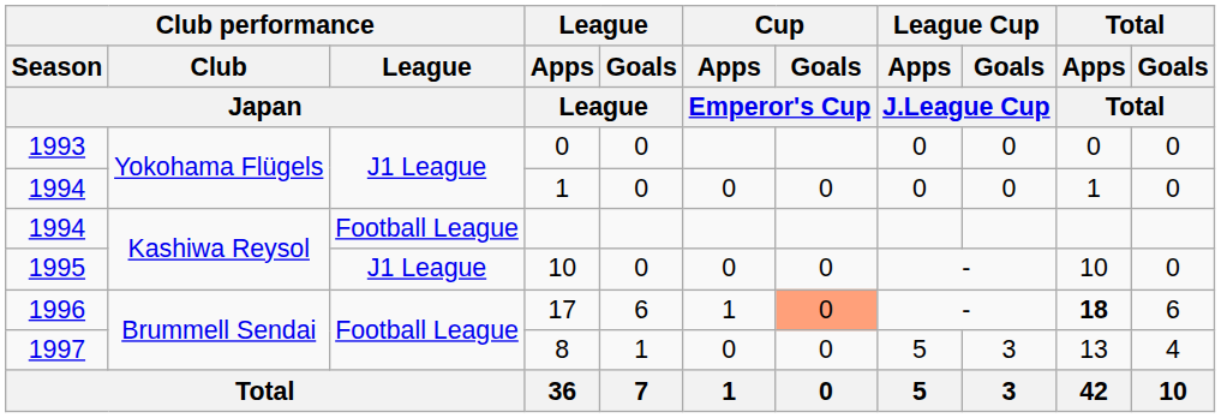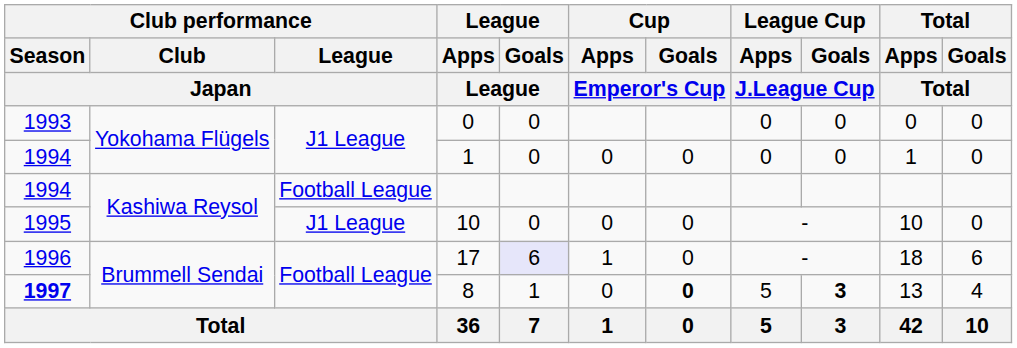 <table class="wikitable" style="text-align:center;">
 <tr>
 <th colspan=3>Club performance</th>
 <th colspan=2>League</th>
 <th colspan=2>Cup</th>
 <th colspan=2>League Cup</th>
 <th colspan=2>Total</th>
 </tr>
 <tr>
 <th>Season</th>
 <th>Club</th>
 <th>League</th>
 <th>Apps</th>
 <th>Goals</th>
 <th>Apps</th>
 <th>Goals</th>
 <th>Apps</th>
 <th>Goals</th>
 <th>Apps</th>
 <th>Goals</th>
 </tr>
 <tr>
 <th colspan=3>Japan</th>
 <th colspan=2>League</th>
 <th colspan=2><a href='#'>Emperor's Cup</a></th>
 <th colspan=2><a href='#'>J.League Cup</a></th>
 <th colspan=2>Total</th>
 </tr>
 <tr>
 <td><a href='#'>1993</a></td>
 <td rowspan="2"><a href='#'>Yokohama Flügels</a></td>
 <td rowspan="2"><a href='#'>J1 League</a></td>
 <td>0</td>
 <td>0</td>
 <td></td>
 <td></td>
 <td>0</td>
 <td>0</td>
 <td>0</td>
 <td>0</td>
 </tr>
 <tr>
 <td><a href='#'>1994</a></td>
 <td>1</td>
 <td>0</td>
 <td>0</td>
 <td>0</td>
 <td>0</td>
 <td>0</td>
 <td>1</td>
 <td>0</td>
 </tr>
 <tr>
 <td><a href='#'>1994</a></td>
 <td rowspan="2"><a href='#'>Kashiwa Reysol</a></td>
 <td><a href='#'>Football League</a></td>
 <td></td>
 <td></td>
 <td></td>
 <td></td>
 <td></td>
 <td></td>
 <td></td>
 <td></td>
 </tr>
 <tr>
 <td><a href='#'>1995</a></td>
 <td><a href='#'>J1 League</a></td>
 <td>10</td>
 <td>0</td>
 <td>0</td>
 <td>0</td>
 <td colspan="2">-</td>
 <td>10</td>
 <td>0</td>
 </tr>
 <tr>
 <td><a href='#'>1996</a></td>
 <td rowspan="2"><a href='#'>Brummell Sendai</a></td>
 <td rowspan="2"><a href='#'>Football League</a></td>
 <td>17</td>
-<td>6</td>
+<td style="background: lavender;">6</td>
 <td>1</td>
-<td style="background: lightsalmon;">0</td>
+<td>0</td>
 <td colspan="2">-</td>
-<td><strong>18</strong></td>
+<td>18</td>
 <td>6</td>
 </tr>
 <tr>
-<td><a href='#'>1997</a></td>
+<td><strong><a href='#'>1997</a></strong></td>
 <td>8</td>
 <td>1</td>
 <td>0</td>
-<td>0</td>
+<td><strong>0</strong></td>
 <td>5</td>
-<td>3</td>
+<td><strong>3</strong></td>
 <td>13</td>
 <td>4</td>
 </tr>
 <tr>
 <th colspan=3>Total</th>
 <th>36</th>
 <th>7</th>
 <th>1</th>
 <th>0</th>
 <th>5</th>
 <th>3</th>
 <th>42</th>
 <th>10</th>
 </tr>
 </table>
